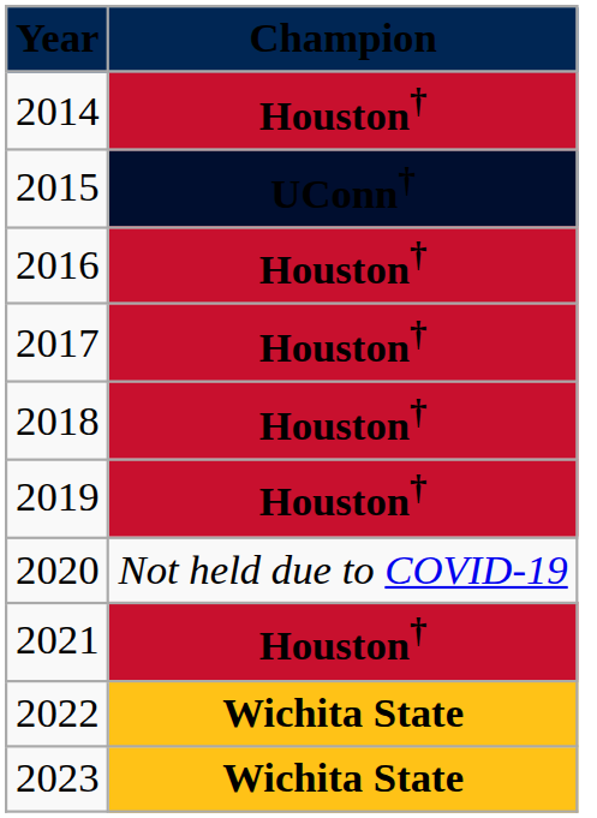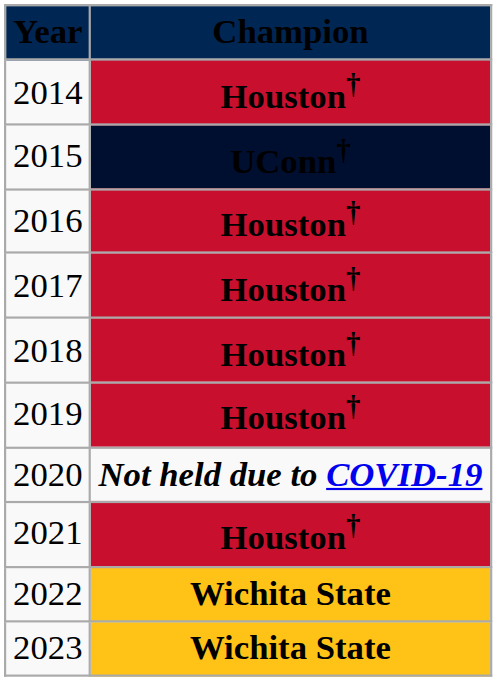 <table class="wikitable" style="text-align: center;">
 <tr>
 <th style="background:#002654;"><span>Year</span></th>
 <th style="background:#002654;"><span>Champion</span></th>
 </tr>
 <tr>
 <td>2014</td>
 <td style="background:#c8102e;"><span><strong>Houston<sup>†</sup></strong></span></td>
 </tr>
 <tr>
 <td>2015</td>
 <td style="background:#000e2f;"><span><strong>UConn<sup>†</sup></strong></span></td>
 </tr>
 <tr>
 <td>2016</td>
 <td style="background:#c8102e;"><span><strong>Houston<sup>†</sup></strong></span></td>
 </tr>
 <tr>
 <td>2017</td>
 <td style="background:#c8102e;"><span><strong>Houston<sup>†</sup></strong></span></td>
 </tr>
 <tr>
 <td>2018</td>
 <td style="background:#c8102e;"><span><strong>Houston<sup>†</sup></strong></span></td>
 </tr>
 <tr>
 <td>2019</td>
 <td style="background:#c8102e;"><span><strong>Houston<sup>†</sup></strong></span></td>
 </tr>
 <tr>
 <td>2020</td>
-<td><em>Not held due to <a href='#'>COVID-19</a></em></td>
+<td><strong><em>Not held due to <a href='#'>COVID-19</a></em></strong></td>
 </tr>
 <tr>
 <td>2021</td>
 <td style="background:#c8102e;"><span><strong>Houston<sup>†</sup></strong></span></td>
 </tr>
 <tr>
 <td>2022</td>
 <td style="background:#ffc217;"><span><strong>Wichita State</strong></span></td>
 </tr>
 <tr>
 <td>2023</td>
 <td style="background:#ffc217;"><span><strong>Wichita State</strong></span></td>
 </tr>
 </table>
